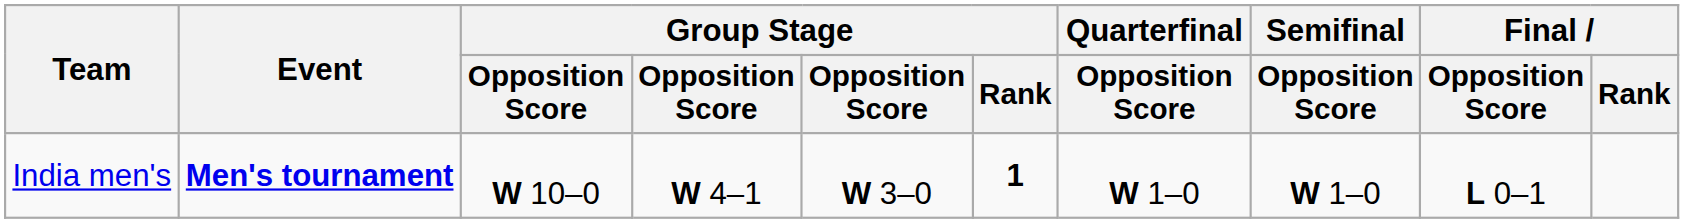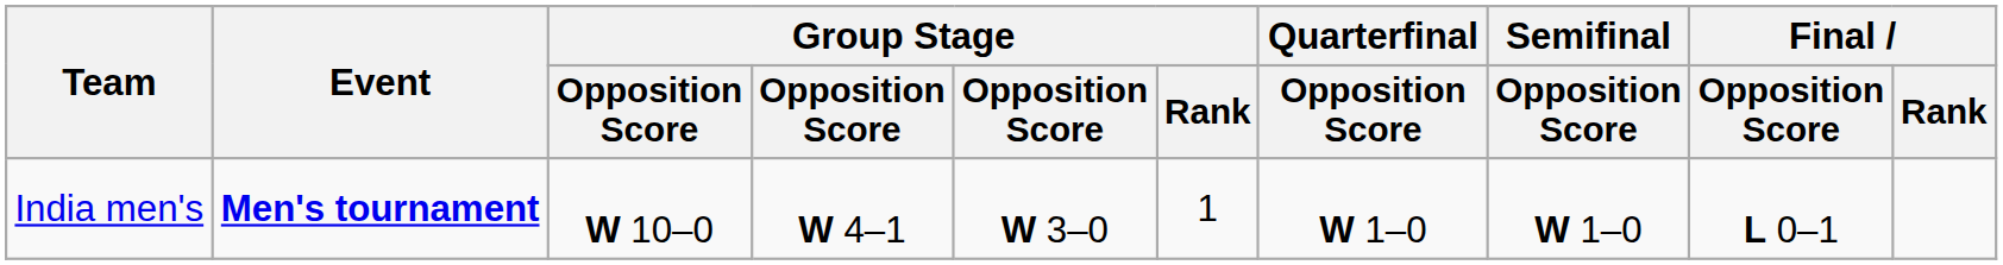 <table class=wikitable style=font-size:90%;text-align:center>
 <tr>
 <th rowspan=2>Team</th>
 <th rowspan=2>Event</th>
 <th colspan=4>Group Stage</th>
 <th>Quarterfinal</th>
 <th>Semifinal</th>
 <th colspan=2>Final / </th>
 </tr>
 <tr style="font-size:95%">
 <th>Opposition<br>Score</th>
 <th>Opposition<br>Score</th>
 <th>Opposition<br>Score</th>
 <th>Rank</th>
 <th>Opposition<br>Score</th>
 <th>Opposition<br>Score</th>
 <th>Opposition<br>Score</th>
 <th>Rank</th>
 </tr>
 <tr>
 <td align=left><a href='#'>India men's</a></td>
 <td align=left><strong><a href='#'>Men's tournament</a></strong></td>
 <td><br><strong>W</strong> 10–0</td>
 <td><br><strong>W</strong> 4–1</td>
 <td><br><strong>W</strong> 3–0</td>
-<td><strong>1</strong></td>
+<td>1</td>
 <td><br><strong>W</strong> 1–0</td>
 <td><br><strong>W</strong> 1–0</td>
 <td><br><strong>L</strong> 0–1</td>
 <td></td>
 </tr>
 </table>
